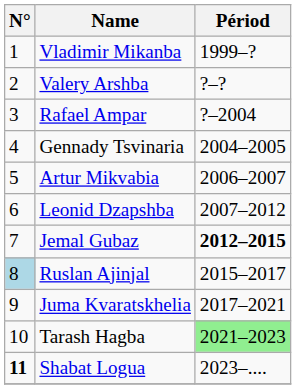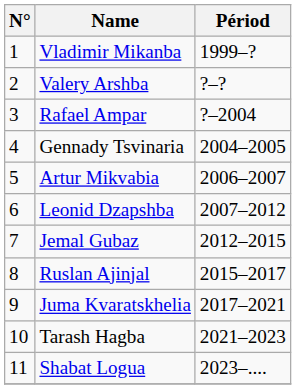 <table class="wikitable" style="text-align:left;font-size:95%;" cellpadding="0">
 <tr>
 <th>N°</th>
 <th>Name</th>
 <th>Périod</th>
 </tr>
 <tr>
 <td>1</td>
 <td><a href='#'>Vladimir Mikanba</a></td>
 <td>1999–?</td>
 </tr>
 <tr>
 <td>2</td>
 <td><a href='#'>Valery Arshba</a></td>
 <td>?–?</td>
 </tr>
 <tr>
 <td>3</td>
 <td><a href='#'>Rafael Ampar</a></td>
 <td>?–2004</td>
 </tr>
 <tr>
 <td>4</td>
 <td>Gennady Tsvinaria</td>
 <td>2004–2005</td>
 </tr>
 <tr>
 <td>5</td>
 <td><a href='#'>Artur Mikvabia</a></td>
 <td>2006–2007</td>
 </tr>
 <tr>
 <td>6</td>
 <td><a href='#'>Leonid Dzapshba</a></td>
 <td>2007–2012</td>
 </tr>
 <tr>
 <td>7</td>
 <td><a href='#'>Jemal Gubaz</a></td>
-<td><strong>2012–2015</strong></td>
+<td>2012–2015</td>
 </tr>
 <tr>
-<td style="background: lightblue;">8</td>
+<td>8</td>
 <td><a href='#'>Ruslan Ajinjal</a></td>
 <td>2015–2017</td>
 </tr>
 <tr>
 <td>9</td>
 <td><a href='#'>Juma Kvaratskhelia</a></td>
 <td>2017–2021</td>
 </tr>
 <tr>
 <td>10</td>
 <td>Tarash Hagba</td>
-<td style="background: lightgreen;">2021–2023</td>
+<td>2021–2023</td>
 </tr>
 <tr>
-<td><strong>11</strong></td>
+<td>11</td>
 <td><a href='#'>Shabat Logua</a></td>
 <td>2023–....</td>
 </tr>
 <tr>
 </tr>
 </table>
